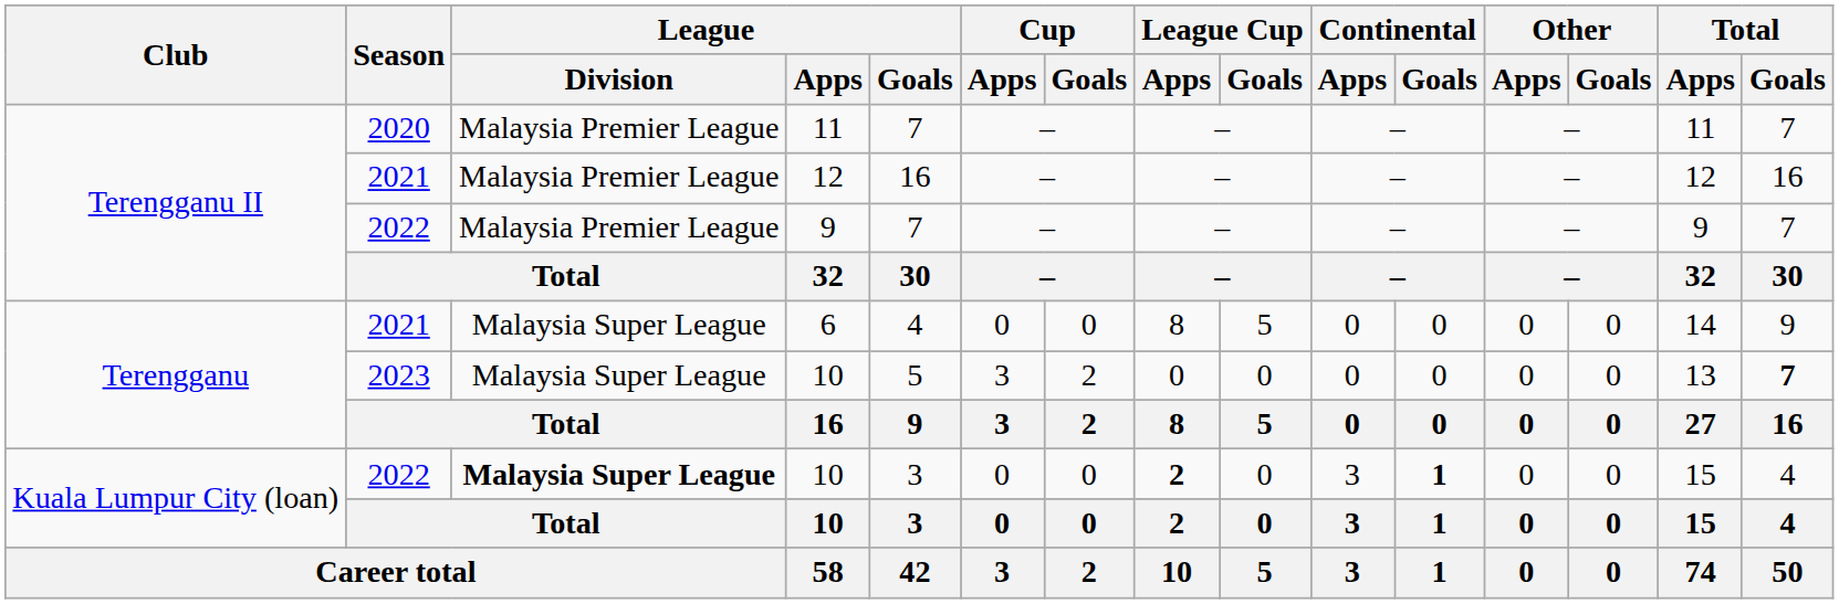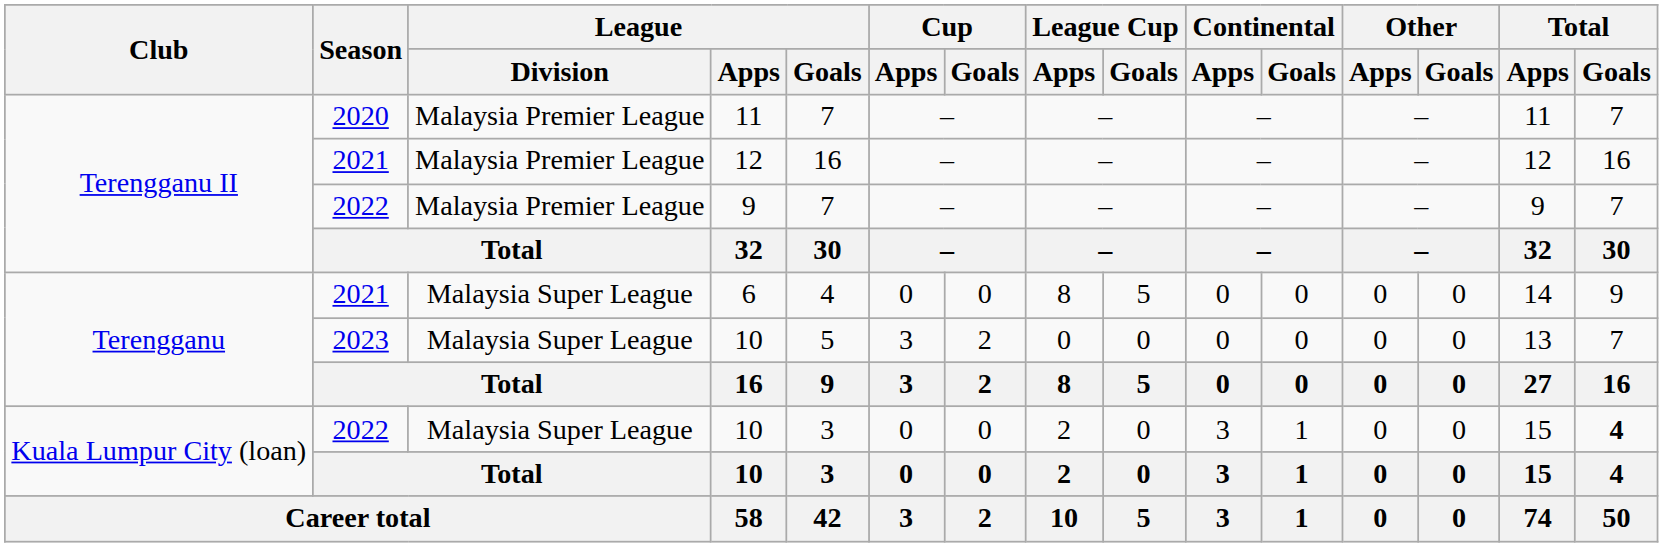 <table class=wikitable style=text-align:center>
 <tr>
 <th rowspan="2">Club</th>
 <th rowspan="2">Season</th>
 <th colspan="3">League</th>
 <th colspan="2">Cup</th>
 <th colspan="2">League Cup</th>
 <th colspan="2">Continental</th>
 <th colspan="2">Other</th>
 <th colspan="2">Total</th>
 </tr>
 <tr>
 <th>Division</th>
 <th>Apps</th>
 <th>Goals</th>
 <th>Apps</th>
 <th>Goals</th>
 <th>Apps</th>
 <th>Goals</th>
 <th>Apps</th>
 <th>Goals</th>
 <th>Apps</th>
 <th>Goals</th>
 <th>Apps</th>
 <th>Goals</th>
 </tr>
 <tr>
 <td rowspan="4" valign="center"><a href='#'>Terengganu II</a></td>
 <td><a href='#'>2020</a></td>
 <td>Malaysia Premier League</td>
 <td>11</td>
 <td>7</td>
 <td colspan="2">–</td>
 <td colspan="2">–</td>
 <td colspan="2">–</td>
 <td colspan="2">–</td>
 <td>11</td>
 <td>7</td>
 </tr>
 <tr>
 <td><a href='#'>2021</a></td>
 <td>Malaysia Premier League</td>
 <td>12</td>
 <td>16</td>
 <td colspan="2">–</td>
 <td colspan="2">–</td>
 <td colspan="2">–</td>
 <td colspan="2">–</td>
 <td>12</td>
 <td>16</td>
 </tr>
 <tr>
 <td><a href='#'>2022</a></td>
 <td>Malaysia Premier League</td>
 <td>9</td>
 <td>7</td>
 <td colspan="2">–</td>
 <td colspan="2">–</td>
 <td colspan="2">–</td>
 <td colspan="2">–</td>
 <td>9</td>
 <td>7</td>
 </tr>
 <tr>
 <th colspan="2">Total</th>
 <th>32</th>
 <th>30</th>
 <th colspan="2">–</th>
 <th colspan="2">–</th>
 <th colspan="2">–</th>
 <th colspan="2">–</th>
 <th>32</th>
 <th>30</th>
 </tr>
 <tr>
 <td rowspan="3" valign="center"><a href='#'>Terengganu</a></td>
 <td><a href='#'>2021</a></td>
 <td>Malaysia Super League</td>
 <td>6</td>
 <td>4</td>
 <td>0</td>
 <td>0</td>
 <td>8</td>
 <td>5</td>
 <td>0</td>
 <td>0</td>
 <td>0</td>
 <td>0</td>
 <td>14</td>
 <td>9</td>
 </tr>
 <tr>
 <td><a href='#'>2023</a></td>
 <td>Malaysia Super League</td>
 <td>10</td>
 <td>5</td>
 <td>3</td>
 <td>2</td>
 <td>0</td>
 <td>0</td>
 <td>0</td>
 <td>0</td>
 <td>0</td>
 <td>0</td>
 <td>13</td>
-<td><strong>7</strong></td>
+<td>7</td>
 </tr>
 <tr>
 <th colspan="2">Total</th>
 <th>16</th>
 <th>9</th>
 <th>3</th>
 <th>2</th>
 <th>8</th>
 <th>5</th>
 <th>0</th>
 <th>0</th>
 <th>0</th>
 <th>0</th>
 <th>27</th>
 <th>16</th>
 </tr>
 <tr>
 <td rowspan="2" valign="center"><a href='#'>Kuala Lumpur City</a> (loan)</td>
 <td><a href='#'>2022</a></td>
-<td><strong>Malaysia Super League</strong></td>
+<td>Malaysia Super League</td>
 <td>10</td>
 <td>3</td>
 <td>0</td>
 <td>0</td>
-<td><strong>2</strong></td>
+<td>2</td>
 <td>0</td>
 <td>3</td>
-<td><strong>1</strong></td>
+<td>1</td>
 <td>0</td>
 <td>0</td>
 <td>15</td>
-<td>4</td>
+<td><strong>4</strong></td>
 </tr>
 <tr>
 <th colspan="2">Total</th>
 <th>10</th>
 <th>3</th>
 <th>0</th>
 <th>0</th>
 <th>2</th>
 <th>0</th>
 <th>3</th>
 <th>1</th>
 <th>0</th>
 <th>0</th>
 <th>15</th>
 <th>4</th>
 </tr>
 <tr>
 <th colspan=3>Career total</th>
 <th>58</th>
 <th>42</th>
 <th>3</th>
 <th>2</th>
 <th>10</th>
 <th>5</th>
 <th>3</th>
 <th>1</th>
 <th>0</th>
 <th>0</th>
 <th>74</th>
 <th>50</th>
 </tr>
 </table>
